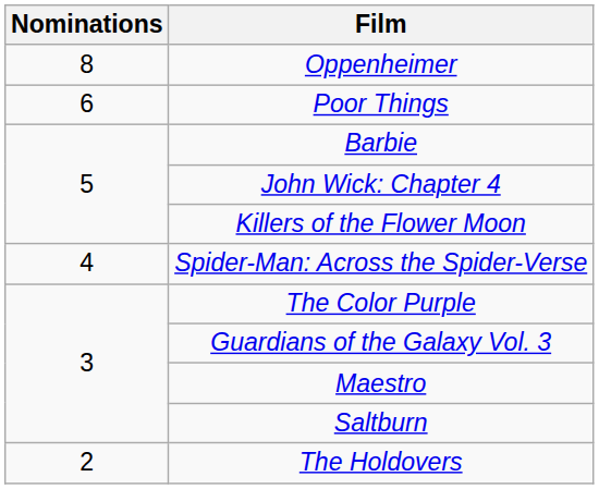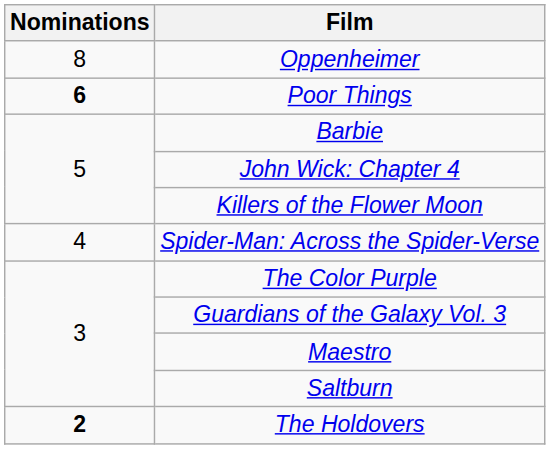 <table class="wikitable" rowspan="2" style="text-align:center" background: #f6e39c;>
 <tr>
 <th scope="col" style="width:55px;">Nominations</th>
 <th scope="col" style="text-align:center;">Film</th>
 </tr>
 <tr>
 <td style="text-align:center">8</td>
 <td><em><a href='#'>Oppenheimer</a></em></td>
 </tr>
 <tr>
-<td style="text-align:center">6</td>
+<td style="text-align:center"><strong>6</strong></td>
 <td><em><a href='#'>Poor Things</a></em></td>
 </tr>
 <tr>
 <td rowspan="3" style="text-align:center">5</td>
 <td><em><a href='#'>Barbie</a></em></td>
 </tr>
 <tr>
 <td><em><a href='#'>John Wick: Chapter 4</a></em></td>
 </tr>
 <tr>
 <td><em><a href='#'>Killers of the Flower Moon</a></em></td>
 </tr>
 <tr>
 <td style="text-align:center">4</td>
 <td><em><a href='#'>Spider-Man: Across the Spider-Verse</a></em></td>
 </tr>
 <tr>
 <td rowspan="4" style="text-align:center">3</td>
 <td><em><a href='#'>The Color Purple</a></em></td>
 </tr>
 <tr>
 <td><em><a href='#'>Guardians of the Galaxy Vol. 3</a></em></td>
 </tr>
 <tr>
 <td><em><a href='#'>Maestro</a></em></td>
 </tr>
 <tr>
 <td><em><a href='#'>Saltburn</a></em></td>
 </tr>
 <tr>
-<td style="text-align:center">2</td>
+<td style="text-align:center"><strong>2</strong></td>
 <td><em><a href='#'>The Holdovers</a></em></td>
 </tr>
 </table>
